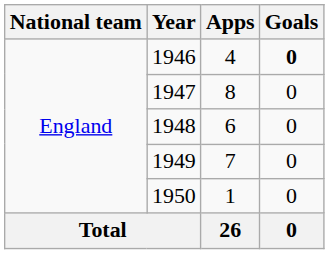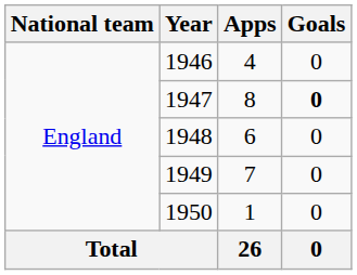 <table class="wikitable" style="text-align:center">
 <tr>
 <th>National team</th>
 <th>Year</th>
 <th>Apps</th>
 <th>Goals</th>
 </tr>
 <tr>
 <td rowspan="5"><a href='#'>England</a></td>
 <td>1946</td>
 <td>4</td>
-<td><strong>0</strong></td>
+<td>0</td>
 </tr>
 <tr>
 <td>1947</td>
 <td>8</td>
-<td>0</td>
+<td><strong>0</strong></td>
 </tr>
 <tr>
 <td>1948</td>
 <td>6</td>
 <td>0</td>
 </tr>
 <tr>
 <td>1949</td>
 <td>7</td>
 <td>0</td>
 </tr>
 <tr>
 <td>1950</td>
 <td>1</td>
 <td>0</td>
 </tr>
 <tr>
 <th colspan="2">Total</th>
 <th>26</th>
 <th>0</th>
 </tr>
 </table>
